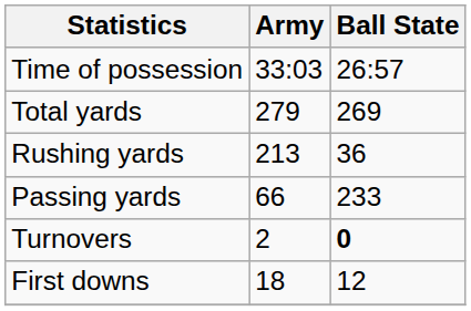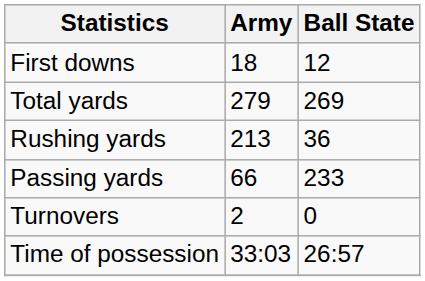 <table class="wikitable">
 <tr>
 <th>Statistics</th>
 <th>Army</th>
 <th>Ball State</th>
 </tr>
 <tr>
-<td>Time of possession</td>
-<td>33:03</td>
-<td>26:57</td>
+<td>First downs</td>
+<td>18</td>
+<td>12</td>
 </tr>
 <tr>
 <td>Total yards</td>
 <td>279</td>
 <td>269</td>
 </tr>
 <tr>
 <td>Rushing yards</td>
 <td>213</td>
 <td>36</td>
 </tr>
 <tr>
 <td>Passing yards</td>
 <td>66</td>
 <td>233</td>
 </tr>
 <tr>
 <td>Turnovers</td>
 <td>2</td>
-<td><strong>0</strong></td>
+<td>0</td>
 </tr>
 <tr>
-<td>First downs</td>
-<td>18</td>
-<td>12</td>
+<td>Time of possession</td>
+<td>33:03</td>
+<td>26:57</td>
 </tr>
 <tr>
 </tr>
 </table>
